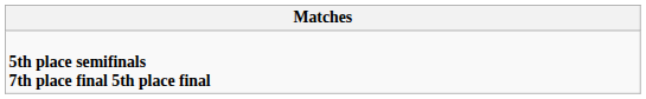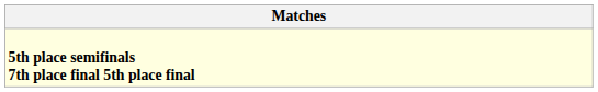 <table class="wikitable collapsible collapsed" style="width:100%;">
 <tr>
 <th>Matches</th>
 </tr>
 <tr>
-<td><br><strong>5th place semifinals</strong>  <br><strong>7th place final</strong>  <strong>5th place final</strong> </td>
+<td style="background: lightyellow;"><br><strong>5th place semifinals</strong>  <br><strong>7th place final</strong>  <strong>5th place final</strong> </td>
 </tr>
 </table>
